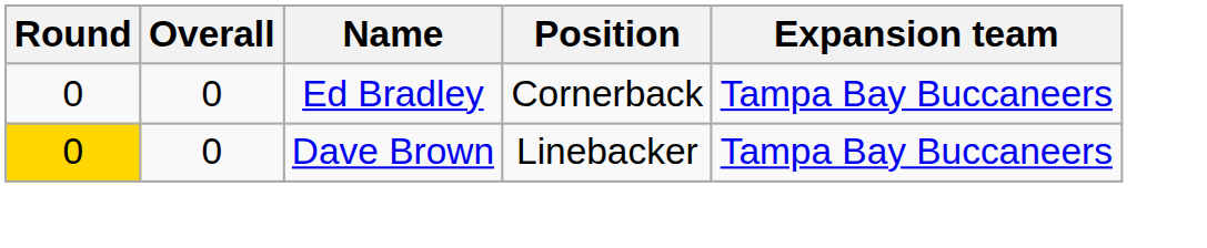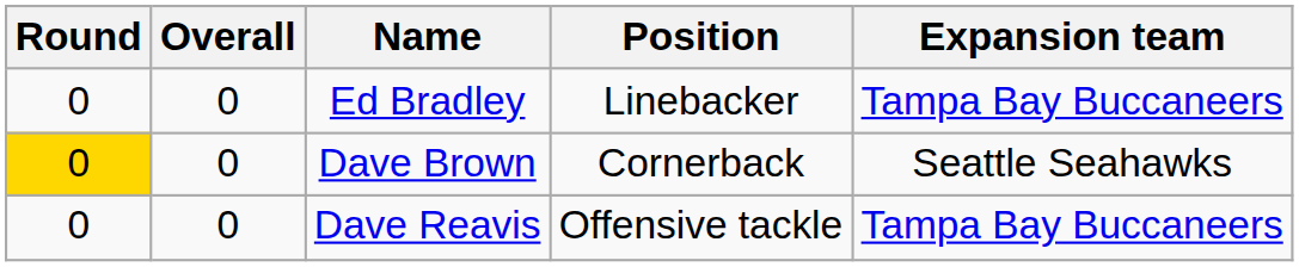 <table class="wikitable" style="text-align:center">
 <tr>
 <th>Round</th>
 <th>Overall</th>
 <th>Name</th>
 <th>Position</th>
 <th>Expansion team</th>
 </tr>
 <tr>
 <td>0</td>
 <td>0</td>
 <td><a href='#'>Ed Bradley</a></td>
-<td>Cornerback</td>
+<td>Linebacker</td>
 <td><a href='#'>Tampa Bay Buccaneers</a></td>
 </tr>
 <tr>
 <td style="background: gold;">0</td>
 <td>0</td>
 <td><a href='#'>Dave Brown</a></td>
-<td>Linebacker</td>
+<td>Cornerback</td>
+<td>Seattle Seahawks</td>
+</tr>
+<tr>
+<td>0</td>
+<td>0</td>
+<td><a href='#'>Dave Reavis</a></td>
+<td>Offensive tackle</td>
 <td><a href='#'>Tampa Bay Buccaneers</a></td>
 </tr>
 </table>
